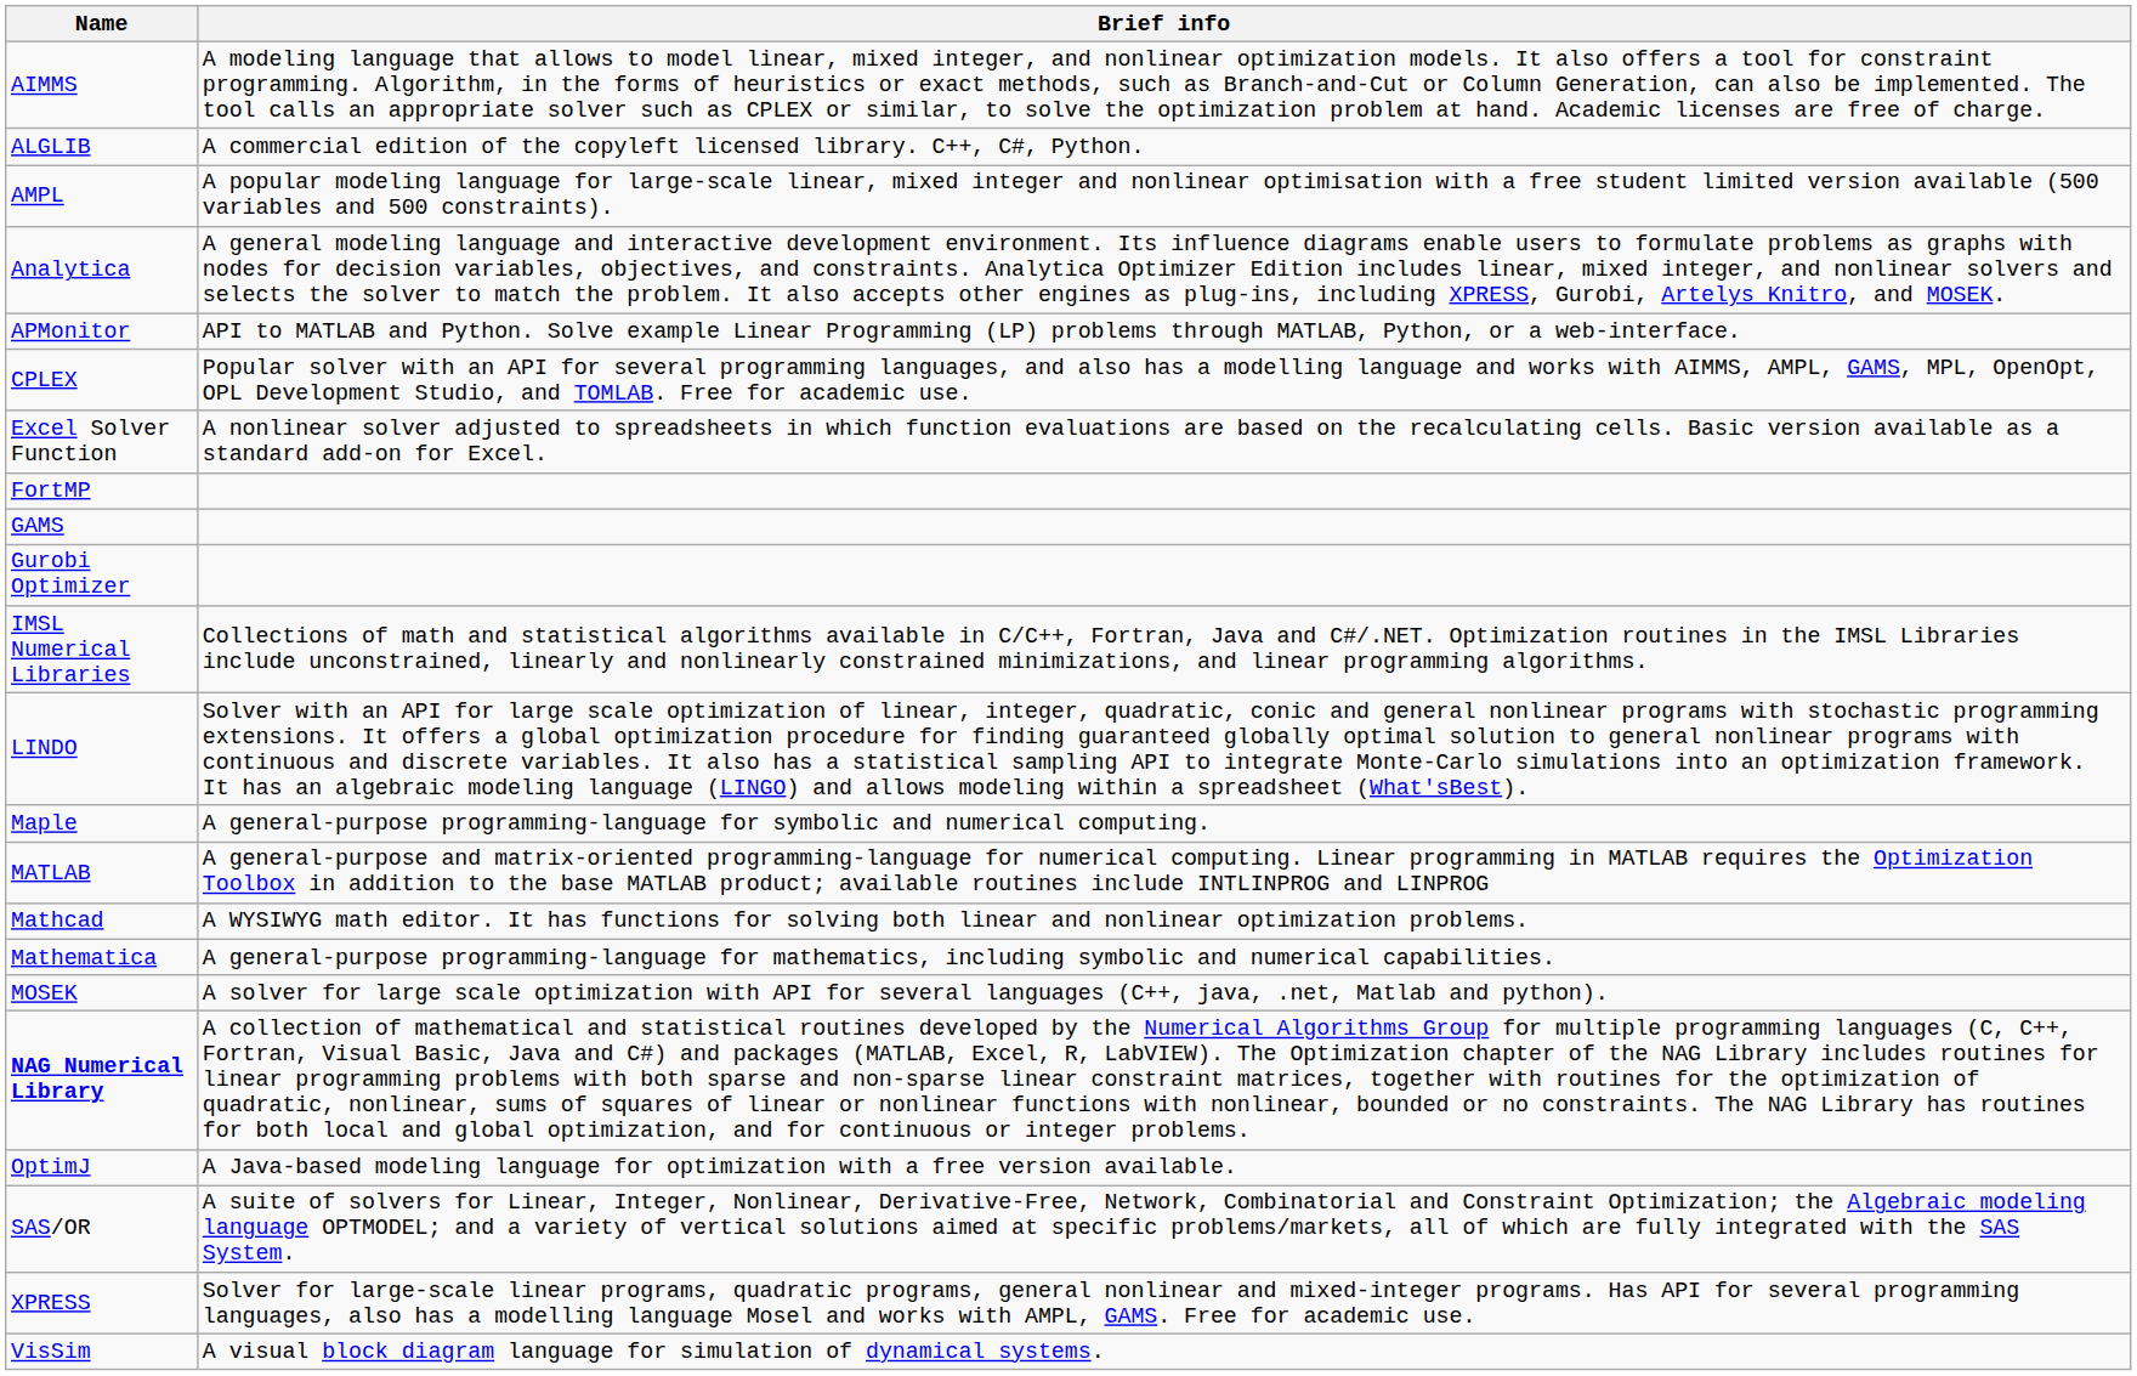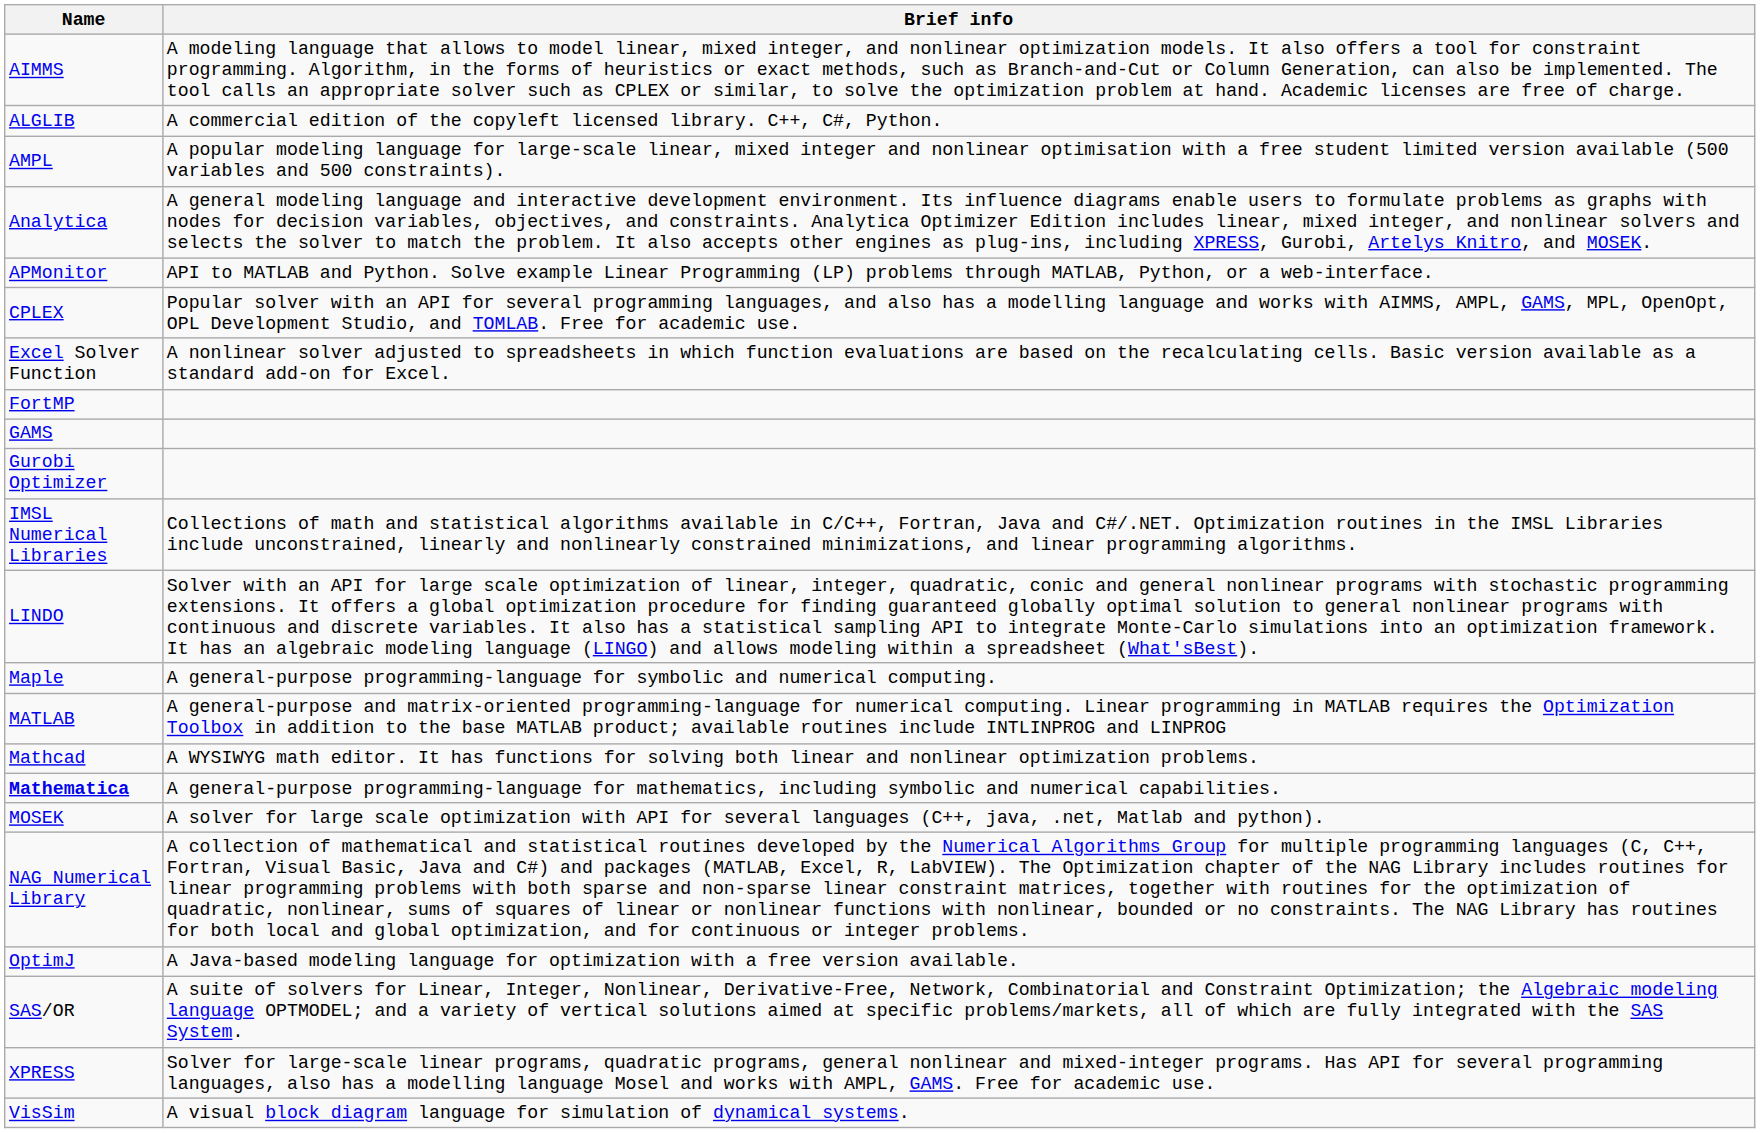 <table class="wikitable">
 <tr>
 <th>Name</th>
 <th>Brief info</th>
 </tr>
 <tr>
 <td><a href='#'>AIMMS</a></td>
 <td>A modeling language that allows to model linear, mixed integer, and nonlinear optimization models. It also offers a tool for constraint programming. Algorithm, in the forms of heuristics or exact methods, such as Branch-and-Cut or Column Generation, can also be implemented. The tool calls an appropriate solver such as CPLEX or similar, to solve the optimization problem at hand. Academic licenses are free of charge.</td>
 </tr>
 <tr>
 <td><a href='#'>ALGLIB</a></td>
 <td>A commercial edition of the copyleft licensed library. C++, C#, Python.</td>
 </tr>
 <tr>
 <td><a href='#'>AMPL</a></td>
 <td>A popular modeling language for large-scale linear, mixed integer and nonlinear optimisation with a free student limited version available (500 variables and 500 constraints).</td>
 </tr>
 <tr>
 <td><a href='#'>Analytica</a></td>
 <td>A general modeling language and interactive development environment. Its influence diagrams enable users to formulate problems as graphs with nodes for decision variables, objectives, and constraints. Analytica Optimizer Edition includes linear, mixed integer, and nonlinear solvers and selects the solver to match the problem. It also accepts other engines as plug-ins, including <a href='#'>XPRESS</a>, Gurobi, <a href='#'>Artelys Knitro</a>, and <a href='#'>MOSEK</a>.</td>
 </tr>
 <tr>
 <td><a href='#'>APMonitor</a></td>
 <td>API to MATLAB and Python. Solve example Linear Programming (LP) problems through MATLAB, Python, or a web-interface.</td>
 </tr>
 <tr>
 <td><a href='#'>CPLEX</a></td>
 <td>Popular solver with an API for several programming languages, and also has a modelling language and works with AIMMS, AMPL, <a href='#'>GAMS</a>, MPL, OpenOpt, OPL Development Studio, and <a href='#'>TOMLAB</a>. Free for academic use.</td>
 </tr>
 <tr>
 <td><a href='#'>Excel</a> Solver Function</td>
 <td>A nonlinear solver adjusted to spreadsheets in which function evaluations are based on the recalculating cells. Basic version available as a standard add-on for Excel.</td>
 </tr>
 <tr>
 <td><a href='#'>FortMP</a></td>
 <td></td>
 </tr>
 <tr>
 <td><a href='#'>GAMS</a></td>
 <td></td>
 </tr>
 <tr>
 <td><a href='#'>Gurobi Optimizer</a></td>
 <td></td>
 </tr>
 <tr>
 <td><a href='#'>IMSL Numerical Libraries</a></td>
 <td>Collections of math and statistical algorithms available in C/C++, Fortran, Java and C#/.NET. Optimization routines in the IMSL Libraries include unconstrained, linearly and nonlinearly constrained minimizations, and linear programming algorithms.</td>
 </tr>
 <tr>
 <td><a href='#'>LINDO</a></td>
 <td>Solver with an API for large scale optimization of linear, integer, quadratic, conic and general nonlinear programs with stochastic programming extensions. It offers a global optimization procedure for finding guaranteed globally optimal solution to general nonlinear programs with continuous and discrete variables. It also has a statistical sampling API to integrate Monte-Carlo simulations into an optimization framework. It has an algebraic modeling language (<a href='#'>LINGO</a>) and allows modeling within a spreadsheet (<a href='#'>What'sBest</a>).</td>
 </tr>
 <tr>
 <td><a href='#'>Maple</a></td>
 <td>A general-purpose programming-language for symbolic and numerical computing.</td>
 </tr>
 <tr>
 <td><a href='#'>MATLAB</a></td>
 <td>A general-purpose and matrix-oriented programming-language for numerical computing.  Linear programming in MATLAB requires the <a href='#'>Optimization Toolbox</a> in addition to the base MATLAB product; available routines include INTLINPROG and LINPROG</td>
 </tr>
 <tr>
 <td><a href='#'>Mathcad</a></td>
 <td>A WYSIWYG math editor. It has functions for solving both linear and nonlinear optimization problems.</td>
 </tr>
 <tr>
-<td><a href='#'>Mathematica</a></td>
+<td><strong><a href='#'>Mathematica</a></strong></td>
 <td>A general-purpose programming-language for mathematics, including symbolic and numerical capabilities.</td>
 </tr>
 <tr>
 <td><a href='#'>MOSEK</a></td>
 <td>A solver for large scale optimization with API for several languages (C++, java, .net, Matlab and python).</td>
 </tr>
 <tr>
-<td><strong><a href='#'>NAG Numerical Library</a></strong></td>
+<td><a href='#'>NAG Numerical Library</a></td>
 <td>A collection of mathematical and statistical routines developed by the <a href='#'>Numerical Algorithms Group</a> for multiple programming languages (C, C++, Fortran, Visual Basic, Java and C#) and packages (MATLAB, Excel, R, LabVIEW). The Optimization chapter of the NAG Library includes routines for linear programming problems with both sparse and non-sparse linear constraint matrices, together with routines for the optimization of quadratic, nonlinear, sums of squares of linear or nonlinear functions with nonlinear, bounded or no constraints.  The NAG Library has routines for both local and global optimization, and for continuous or integer problems.</td>
 </tr>
 <tr>
 <td><a href='#'>OptimJ</a></td>
 <td>A Java-based modeling language for optimization with a free version available.</td>
 </tr>
 <tr>
 <td><a href='#'>SAS</a>/OR</td>
 <td>A suite of solvers for Linear, Integer, Nonlinear, Derivative-Free, Network, Combinatorial and Constraint Optimization; the <a href='#'>Algebraic modeling language</a> OPTMODEL; and a variety of vertical solutions aimed at specific problems/markets, all of which are fully integrated with the <a href='#'>SAS System</a>.</td>
 </tr>
 <tr>
 <td><a href='#'>XPRESS</a></td>
 <td>Solver for large-scale linear programs, quadratic programs, general nonlinear and mixed-integer programs. Has API for several programming languages, also has a modelling language Mosel and works with AMPL, <a href='#'>GAMS</a>. Free for academic use.</td>
 </tr>
 <tr>
 <td><a href='#'>VisSim</a></td>
 <td>A visual <a href='#'>block diagram</a> language for simulation of <a href='#'>dynamical systems</a>.</td>
 </tr>
 </table>
